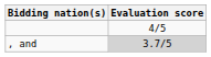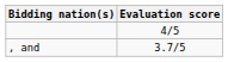 <table class="wikitable" style="margin: 0 auto;text-align: left">
 <tr>
 <th rowspan=1>Bidding nation(s)</th>
 <th colspan=1>Evaluation score</th>
 </tr>
 <tr>
 <td align="left"></td>
 <td style="text-align:center;">4/5</td>
 </tr>
 <tr>
 <td align="left">,  and </td>
-<td style="background: lightgrey; text-align:center;">3.7/5</td>
+<td style="text-align:center;">3.7/5</td>
 </tr>
 </table>
